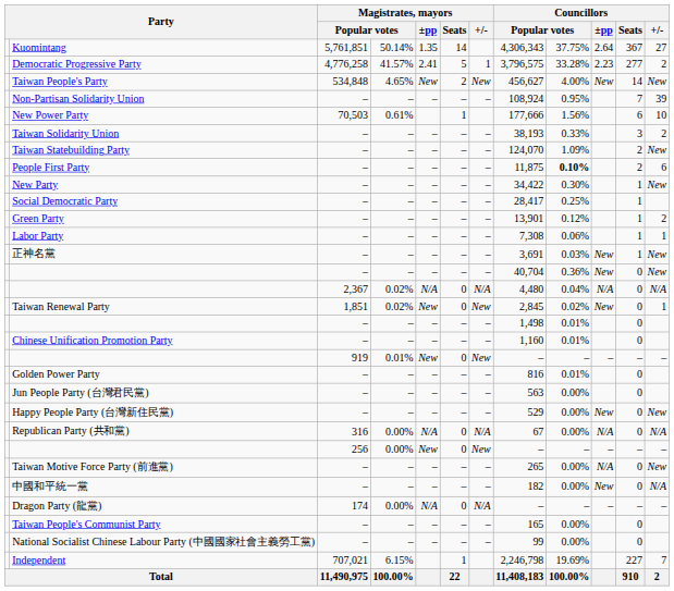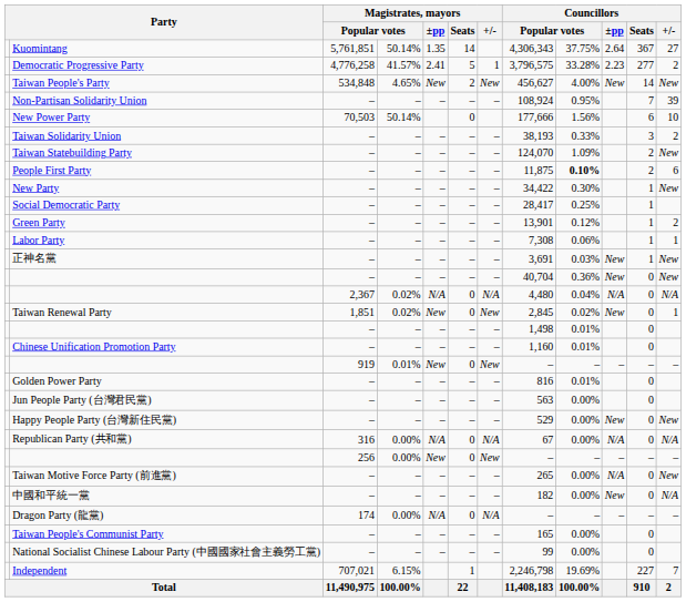 <table class="wikitable" style="text-align:right;">
 <tr>
 <th colspan="2" rowspan="2">Party</th>
 <th colspan="5">Magistrates, mayors</th>
 <th colspan="5">Councillors</th>
 </tr>
 <tr>
 <th colspan="2">Popular votes</th>
 <th><strong>±</strong><a href='#'>pp</a></th>
 <th>Seats</th>
 <th>+/-</th>
 <th colspan="2">Popular votes</th>
 <th><strong>±</strong><a href='#'>pp</a></th>
 <th>Seats</th>
 <th>+/-</th>
 </tr>
 <tr>
 <td bgcolor=></td>
 <td align=left><a href='#'>Kuomintang</a></td>
 <td>5,761,851</td>
 <td>50.14%</td>
 <td>1.35</td>
 <td>14</td>
 <td></td>
 <td>4,306,343</td>
 <td>37.75%</td>
 <td>2.64</td>
 <td>367</td>
 <td>27</td>
 </tr>
 <tr>
 <td bgcolor=></td>
 <td align=left><a href='#'>Democratic Progressive Party</a></td>
 <td>4,776,258</td>
 <td>41.57%</td>
 <td>2.41</td>
 <td>5</td>
 <td>1</td>
 <td>3,796,575</td>
 <td>33.28%</td>
 <td>2.23</td>
 <td>277</td>
 <td>2</td>
 </tr>
 <tr>
 <td bgcolor=></td>
 <td align=left><a href='#'>Taiwan People's Party</a></td>
 <td>534,848</td>
 <td>4.65%</td>
 <td><em>New</em></td>
 <td>2</td>
 <td><em>New</em></td>
 <td>456,627</td>
 <td>4.00%</td>
 <td><em>New</em></td>
 <td>14</td>
 <td><em>New</em></td>
 </tr>
 <tr>
 <td></td>
 <td align="left"><a href='#'>Non-Partisan Solidarity Union</a></td>
 <td>–</td>
 <td>–</td>
 <td>–</td>
 <td>–</td>
 <td>–</td>
 <td>108,924</td>
 <td>0.95%</td>
 <td></td>
 <td>7</td>
 <td>39</td>
 </tr>
 <tr>
 <td></td>
 <td align="left"><a href='#'>New Power Party</a></td>
 <td>70,503</td>
-<td>0.61%</td>
+<td>50.14%</td>
 <td></td>
-<td>1</td>
+<td>0</td>
 <td></td>
 <td>177,666</td>
 <td>1.56%</td>
 <td></td>
 <td>6</td>
 <td>10</td>
 </tr>
 <tr>
 <td></td>
 <td align="left"><a href='#'>Taiwan Solidarity Union</a></td>
 <td>–</td>
 <td>–</td>
 <td>–</td>
 <td>–</td>
 <td>–</td>
 <td>38,193</td>
 <td>0.33%</td>
 <td></td>
 <td>3</td>
 <td>2</td>
 </tr>
 <tr>
 <td></td>
 <td align="left"><a href='#'>Taiwan Statebuilding Party</a></td>
 <td>–</td>
 <td>–</td>
 <td>–</td>
 <td>–</td>
 <td>–</td>
 <td>124,070</td>
 <td>1.09%</td>
 <td></td>
 <td>2</td>
 <td><em>New</em></td>
 </tr>
 <tr>
 <td bgcolor=></td>
 <td align=left><a href='#'>People First Party</a></td>
 <td>–</td>
 <td>–</td>
 <td>–</td>
 <td>–</td>
 <td>–</td>
 <td>11,875</td>
 <td><strong>0.10%</strong></td>
 <td></td>
 <td>2</td>
 <td>6</td>
 </tr>
 <tr>
 <td bgcolor=></td>
 <td align=left><a href='#'>New Party</a></td>
 <td>–</td>
 <td>–</td>
 <td>–</td>
 <td>–</td>
 <td>–</td>
 <td>34,422</td>
 <td>0.30%</td>
 <td></td>
 <td>1</td>
 <td><em>New</em></td>
 </tr>
 <tr>
 <td bgcolor=></td>
 <td align=left><a href='#'>Social Democratic Party</a></td>
 <td>–</td>
 <td>–</td>
 <td>–</td>
 <td>–</td>
 <td>–</td>
 <td>28,417</td>
 <td>0.25%</td>
 <td></td>
 <td>1</td>
 <td></td>
 </tr>
 <tr>
 <td bgcolor=></td>
 <td align=left><a href='#'>Green Party</a></td>
 <td>–</td>
 <td>–</td>
 <td>–</td>
 <td>–</td>
 <td>–</td>
 <td>13,901</td>
 <td>0.12%</td>
 <td></td>
 <td>1</td>
 <td>2</td>
 </tr>
 <tr>
 <td bgcolor=></td>
 <td align=left><a href='#'>Labor Party</a></td>
 <td>–</td>
 <td>–</td>
 <td>–</td>
 <td>–</td>
 <td>–</td>
 <td>7,308</td>
 <td>0.06%</td>
 <td></td>
 <td>1</td>
 <td>1</td>
 </tr>
 <tr>
 <td></td>
 <td align=left>正神名黨</td>
 <td>–</td>
 <td>–</td>
 <td>–</td>
 <td>–</td>
 <td>–</td>
 <td>3,691</td>
 <td>0.03%</td>
 <td><em>New</em></td>
 <td>1</td>
 <td><em>New</em></td>
 </tr>
 <tr>
 <td></td>
 <td align=left></td>
 <td>–</td>
 <td>–</td>
 <td>–</td>
 <td>–</td>
 <td>–</td>
 <td>40,704</td>
 <td>0.36%</td>
 <td><em>New</em></td>
 <td>0</td>
 <td><em>New</em></td>
 </tr>
 <tr>
 <td></td>
 <td align="left"></td>
 <td>2,367</td>
 <td>0.02%</td>
 <td><em>N/A</em></td>
 <td>0</td>
 <td><em>N/A</em></td>
 <td>4,480</td>
 <td>0.04%</td>
 <td><em>N/A</em></td>
 <td>0</td>
 <td><em>N/A</em></td>
 </tr>
 <tr>
 <td></td>
 <td align="left">Taiwan Renewal Party</td>
 <td>1,851</td>
 <td>0.02%</td>
 <td><em>New</em></td>
 <td>0</td>
 <td><em>New</em></td>
 <td>2,845</td>
 <td>0.02%</td>
 <td><em>New</em></td>
 <td>0</td>
 <td>1</td>
 </tr>
 <tr>
 <td></td>
 <td align="left"></td>
 <td>–</td>
 <td>–</td>
 <td>–</td>
 <td>–</td>
 <td>–</td>
 <td>1,498</td>
 <td>0.01%</td>
 <td></td>
 <td>0</td>
 <td></td>
 </tr>
 <tr>
 <td></td>
 <td align="left"><a href='#'>Chinese Unification Promotion Party</a></td>
 <td>–</td>
 <td>–</td>
 <td>–</td>
 <td>–</td>
 <td>–</td>
 <td>1,160</td>
 <td>0.01%</td>
 <td></td>
 <td>0</td>
 <td></td>
 </tr>
 <tr>
 <td></td>
 <td align="left"></td>
 <td>919</td>
 <td>0.01%</td>
 <td><em>New</em></td>
 <td>0</td>
 <td><em>New</em></td>
 <td>–</td>
 <td>–</td>
 <td>–</td>
 <td>–</td>
 <td>–</td>
 </tr>
 <tr>
 <td></td>
 <td align="left">Golden Power Party</td>
 <td>–</td>
 <td>–</td>
 <td>–</td>
 <td>–</td>
 <td>–</td>
 <td>816</td>
 <td>0.01%</td>
 <td></td>
 <td>0</td>
 <td></td>
 </tr>
 <tr>
 <td></td>
 <td align="left">Jun People Party (台灣君民黨)</td>
 <td>–</td>
 <td>–</td>
 <td>–</td>
 <td>–</td>
 <td>–</td>
 <td>563</td>
 <td>0.00%</td>
 <td></td>
 <td>0</td>
 <td></td>
 </tr>
 <tr>
 <td></td>
 <td align="left">Happy People Party (台灣新住民黨)</td>
 <td>–</td>
 <td>–</td>
 <td>–</td>
 <td>–</td>
 <td>–</td>
 <td>529</td>
 <td>0.00%</td>
 <td><em>New</em></td>
 <td>0</td>
 <td><em>New</em></td>
 </tr>
 <tr>
 <td></td>
 <td align="left">Republican Party (共和黨)</td>
 <td>316</td>
 <td>0.00%</td>
 <td><em>N/A</em></td>
 <td>0</td>
 <td><em>N/A</em></td>
 <td>67</td>
 <td>0.00%</td>
 <td><em>N/A</em></td>
 <td>0</td>
 <td><em>N/A</em></td>
 </tr>
 <tr>
 <td></td>
 <td align="left"></td>
 <td>256</td>
 <td>0.00%</td>
 <td><em>New</em></td>
 <td>0</td>
 <td><em>New</em></td>
 <td>–</td>
 <td>–</td>
 <td>–</td>
 <td>–</td>
 <td>–</td>
 </tr>
 <tr>
 <td></td>
 <td align="left">Taiwan Motive Force Party (前進黨)</td>
 <td>–</td>
 <td>–</td>
 <td>–</td>
 <td>–</td>
 <td>–</td>
 <td>265</td>
 <td>0.00%</td>
 <td><em>N/A</em></td>
 <td>0</td>
 <td><em>New</em></td>
 </tr>
 <tr>
 <td></td>
 <td align="left">中國和平統一黨</td>
 <td>–</td>
 <td>–</td>
 <td>–</td>
 <td>–</td>
 <td>–</td>
 <td>182</td>
 <td>0.00%</td>
 <td><em>New</em></td>
 <td>0</td>
 <td><em>N/A</em></td>
 </tr>
 <tr>
 <td></td>
 <td align="left">Dragon Party (龍黨)</td>
 <td>174</td>
 <td>0.00%</td>
 <td><em>N/A</em></td>
 <td>0</td>
 <td><em>N/A</em></td>
 <td>–</td>
 <td>–</td>
 <td>–</td>
 <td>–</td>
 <td>–</td>
 </tr>
 <tr>
 <td></td>
 <td align="left"><a href='#'>Taiwan People's Communist Party</a></td>
 <td>–</td>
 <td>–</td>
 <td>–</td>
 <td>–</td>
 <td>–</td>
 <td>165</td>
 <td>0.00%</td>
 <td></td>
 <td>0</td>
 <td></td>
 </tr>
 <tr>
 <td></td>
 <td align="left">National Socialist Chinese Labour Party (中國國家社會主義勞工黨)</td>
 <td>–</td>
 <td>–</td>
 <td>–</td>
 <td>–</td>
 <td>–</td>
 <td>99</td>
 <td>0.00%</td>
 <td></td>
 <td>0</td>
 <td></td>
 </tr>
 <tr>
 <td bgcolor=></td>
 <td align=left><a href='#'>Independent</a></td>
 <td>707,021</td>
 <td>6.15%</td>
 <td></td>
 <td>1</td>
 <td></td>
 <td>2,246,798</td>
 <td>19.69%</td>
 <td></td>
 <td>227</td>
 <td>7</td>
 </tr>
 <tr>
 <th colspan="2">Total</th>
 <th>11,490,975</th>
 <th>100.00%</th>
 <th></th>
 <th>22</th>
 <th></th>
 <th>11,408,183</th>
 <th>100.00%</th>
 <th></th>
 <th>910</th>
 <th>2</th>
 </tr>
 </table>
